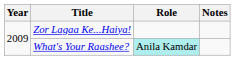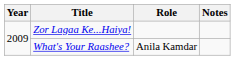 <table class="wikitable sortable">
 <tr>
 <th>Year</th>
 <th>Title</th>
 <th>Role</th>
 <th class="unsortable">Notes</th>
 </tr>
 <tr>
 <td rowspan="2">2009</td>
 <td><em><a href='#'>Zor Lagaa Ke...Haiya!</a></em></td>
 <td></td>
 <td></td>
 </tr>
 <tr>
 <td><em><a href='#'>What's Your Raashee?</a></em></td>
-<td style="background: paleturquoise;">Anila Kamdar</td>
+<td>Anila Kamdar</td>
 <td></td>
 </tr>
 </table>
